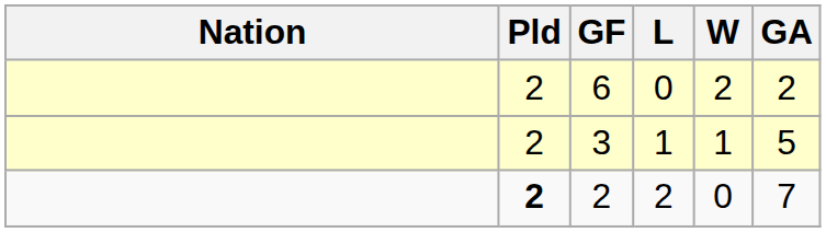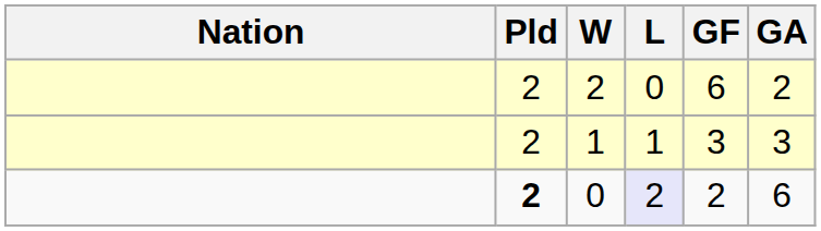 <table class=wikitable style="text-align:center">
 <tr>
 <th width=220]]>Nation</th>
 <th width=20]]>Pld</th>
+<th width=20>W</th>
+<th width=20]]>L</th>
 <th width=20]]>GF</th>
-<th width=20]]>L</th>
-<th width=20>W</th>
 <th width=20]]>GA</th>
 </tr>
 <tr bgcolor=#ffffcc>
 <td align=left></td>
 <td>2</td>
+<td>2</td>
+<td>0</td>
 <td>6</td>
-<td>0</td>
-<td>2</td>
 <td>2</td>
 </tr>
 <tr bgcolor=#ffffcc>
 <td align=left></td>
 <td>2</td>
-<td>3</td>
 <td>1</td>
 <td>1</td>
-<td>5</td>
+<td>3</td>
+<td>3</td>
 </tr>
 <tr>
 <td align=left></td>
 <td><strong>2</strong></td>
+<td>0</td>
+<td style="background: lavender;">2</td>
 <td>2</td>
-<td>2</td>
-<td>0</td>
-<td>7</td>
+<td>6</td>
 </tr>
 </table>
